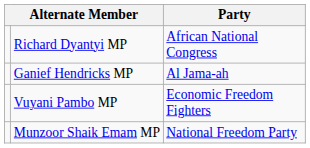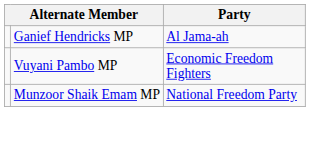 <table class="wikitable">
 <tr>
 <th width="160px" colspan="2" valign="top">Alternate Member</th>
 <th width="160px" valign="top">Party</th>
-</tr>
-<tr>
-<td></td>
-<td><a href='#'>Richard Dyantyi</a> MP</td>
-<td><a href='#'>African National Congress</a></td>
 </tr>
 <tr>
 <td></td>
 <td><a href='#'>Ganief Hendricks</a> MP</td>
 <td><a href='#'>Al Jama-ah</a></td>
 </tr>
 <tr>
 <td></td>
 <td><a href='#'>Vuyani Pambo</a> MP</td>
 <td><a href='#'>Economic Freedom Fighters</a></td>
 </tr>
 <tr>
 <td></td>
 <td><a href='#'>Munzoor Shaik Emam</a> MP</td>
 <td><a href='#'>National Freedom Party</a></td>
 </tr>
 </table>
